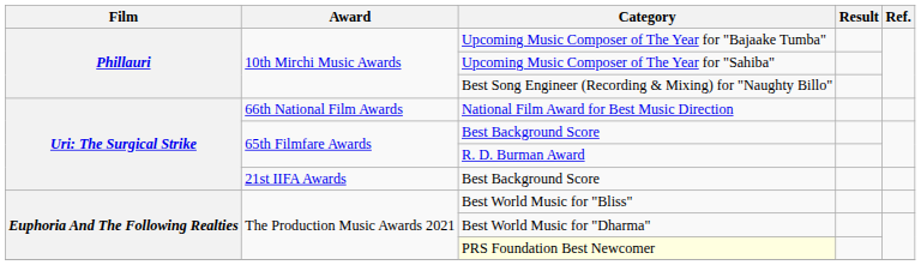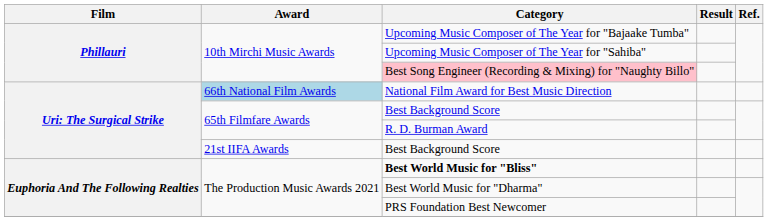 <table class="wikitable">
 <tr>
 <th>Film</th>
 <th>Award</th>
 <th>Category</th>
 <th>Result</th>
 <th>Ref.</th>
 </tr>
 <tr>
 <th rowspan=3><em><a href='#'>Phillauri</a></em></th>
 <td rowspan=3><a href='#'>10th Mirchi Music Awards</a></td>
 <td><a href='#'>Upcoming Music Composer of The Year</a> for "Bajaake Tumba"</td>
 <td></td>
 <td rowspan=3></td>
 </tr>
 <tr>
 <td><a href='#'>Upcoming Music Composer of The Year</a> for "Sahiba"</td>
 <td></td>
 </tr>
 <tr>
-<td>Best Song Engineer (Recording & Mixing) for "Naughty Billo"</td>
+<td style="background: pink;">Best Song Engineer (Recording & Mixing) for "Naughty Billo"</td>
 <td></td>
 </tr>
 <tr>
 <th rowspan=4><em><a href='#'>Uri: The Surgical Strike</a></em></th>
-<td><a href='#'>66th National Film Awards</a></td>
+<td style="background: lightblue;"><a href='#'>66th National Film Awards</a></td>
 <td><a href='#'>National Film Award for Best Music Direction</a></td>
 <td></td>
 <td></td>
 </tr>
 <tr>
 <td rowspan=2><a href='#'>65th Filmfare Awards</a></td>
 <td><a href='#'>Best Background Score</a></td>
 <td></td>
 <td rowspan=2></td>
 </tr>
 <tr>
 <td><a href='#'>R. D. Burman Award</a></td>
 <td></td>
 </tr>
 <tr>
 <td><a href='#'>21st IIFA Awards</a></td>
 <td>Best Background Score</td>
 <td></td>
 <td></td>
 </tr>
 <tr>
 <th rowspan=3><em>Euphoria And The Following Realties</em></th>
 <td rowspan=3>The Production Music Awards 2021</td>
-<td>Best World Music for "Bliss"</td>
+<td><strong>Best World Music for "Bliss"</strong></td>
 <td></td>
 <td></td>
 </tr>
 <tr>
 <td>Best World Music for "Dharma"</td>
 <td></td>
 <td rowspan="2"></td>
 </tr>
 <tr>
-<td style="background: lightyellow;">PRS Foundation Best Newcomer</td>
+<td>PRS Foundation Best Newcomer</td>
 <td></td>
 </tr>
 <tr>
 </tr>
 </table>
